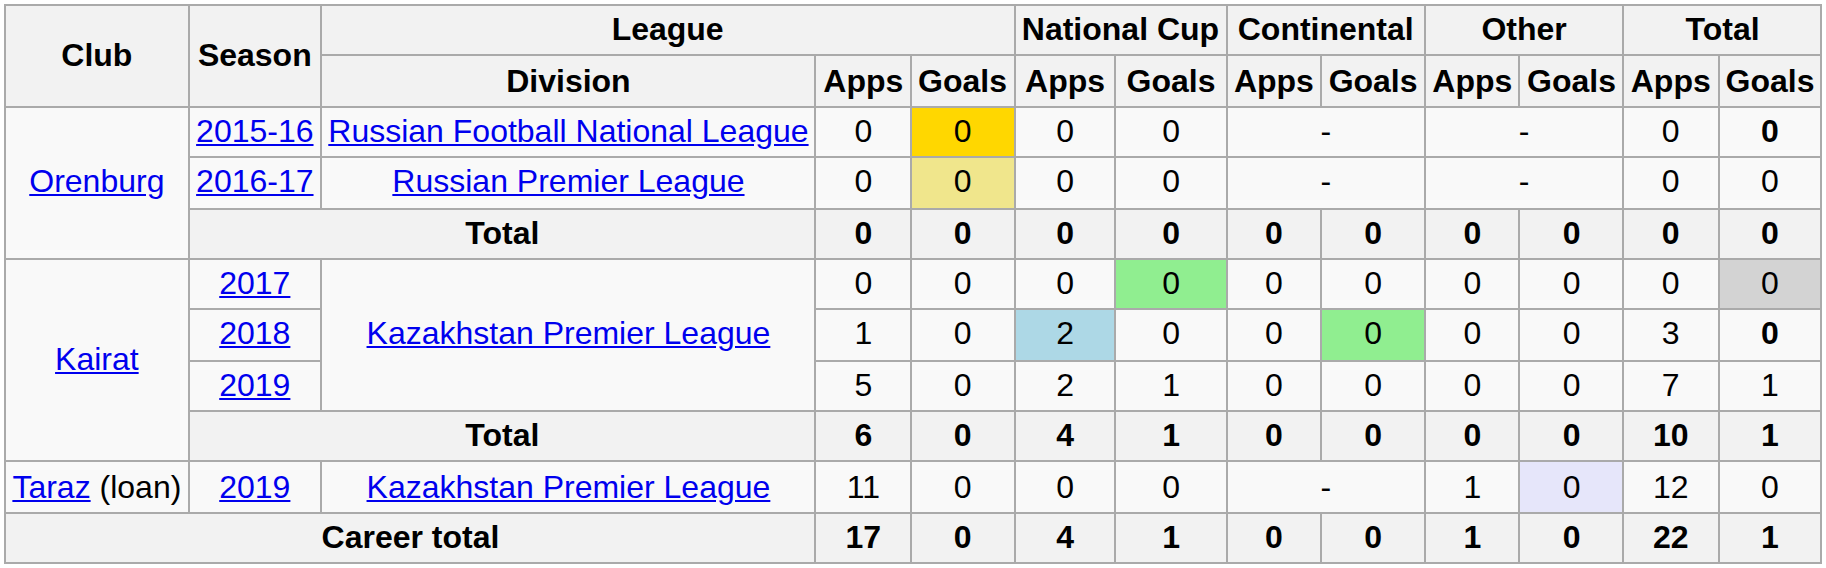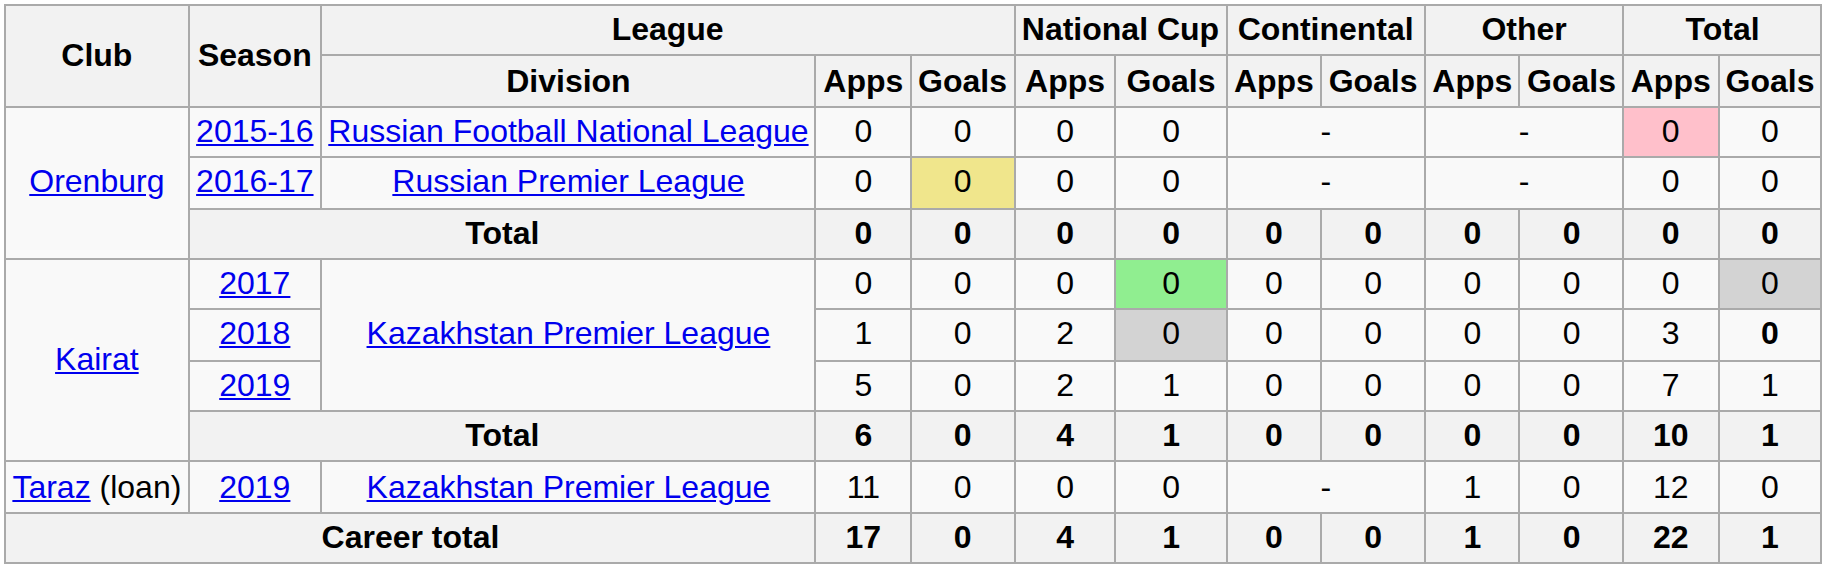 <table class="wikitable" style="text-align: center;">
 <tr>
 <th rowspan="2">Club</th>
 <th rowspan="2">Season</th>
 <th colspan="3">League</th>
 <th colspan="2">National Cup</th>
 <th colspan="2">Continental</th>
 <th colspan="2">Other</th>
 <th colspan="2">Total</th>
 </tr>
 <tr>
 <th>Division</th>
 <th>Apps</th>
 <th>Goals</th>
 <th>Apps</th>
 <th>Goals</th>
 <th>Apps</th>
 <th>Goals</th>
 <th>Apps</th>
 <th>Goals</th>
 <th>Apps</th>
 <th>Goals</th>
 </tr>
 <tr>
 <td rowspan="3" valign="center"><a href='#'>Orenburg</a></td>
 <td><a href='#'>2015-16</a></td>
 <td rowspan="1" valign="center"><a href='#'>Russian Football National League</a></td>
 <td>0</td>
-<td style="background: gold;">0</td>
+<td>0</td>
 <td>0</td>
 <td>0</td>
 <td colspan="2">-</td>
 <td colspan="2">-</td>
+<td style="background: pink;">0</td>
 <td>0</td>
-<td><strong>0</strong></td>
 </tr>
 <tr>
 <td><a href='#'>2016-17</a></td>
 <td rowspan="1" valign="center"><a href='#'>Russian Premier League</a></td>
 <td>0</td>
 <td style="background: khaki;">0</td>
 <td>0</td>
 <td>0</td>
 <td colspan="2">-</td>
 <td colspan="2">-</td>
 <td>0</td>
 <td>0</td>
 </tr>
 <tr>
 <th colspan="2">Total</th>
 <th>0</th>
 <th>0</th>
 <th>0</th>
 <th>0</th>
 <th>0</th>
 <th>0</th>
 <th>0</th>
 <th>0</th>
 <th>0</th>
 <th>0</th>
 </tr>
 <tr>
 <td rowspan="4" valign="center"><a href='#'>Kairat</a></td>
 <td><a href='#'>2017</a></td>
 <td rowspan="3" valign="center"><a href='#'>Kazakhstan Premier League</a></td>
 <td>0</td>
 <td>0</td>
 <td>0</td>
 <td style="background: lightgreen;">0</td>
 <td>0</td>
 <td>0</td>
 <td>0</td>
 <td>0</td>
 <td>0</td>
 <td style="background: lightgrey;">0</td>
 </tr>
 <tr>
 <td><a href='#'>2018</a></td>
 <td>1</td>
 <td>0</td>
-<td style="background: lightblue;">2</td>
+<td>2</td>
+<td style="background: lightgrey;">0</td>
 <td>0</td>
 <td>0</td>
-<td style="background: lightgreen;">0</td>
 <td>0</td>
 <td>0</td>
 <td>3</td>
 <td><strong>0</strong></td>
 </tr>
 <tr>
 <td><a href='#'>2019</a></td>
 <td>5</td>
 <td>0</td>
 <td>2</td>
 <td>1</td>
 <td>0</td>
 <td>0</td>
 <td>0</td>
 <td>0</td>
 <td>7</td>
 <td>1</td>
 </tr>
 <tr>
 <th colspan="2">Total</th>
 <th>6</th>
 <th>0</th>
 <th>4</th>
 <th>1</th>
 <th>0</th>
 <th>0</th>
 <th>0</th>
 <th>0</th>
 <th>10</th>
 <th>1</th>
 </tr>
 <tr>
 <td><a href='#'>Taraz</a> (loan)</td>
 <td><a href='#'>2019</a></td>
 <td><a href='#'>Kazakhstan Premier League</a></td>
 <td>11</td>
 <td>0</td>
 <td>0</td>
 <td>0</td>
 <td colspan="2">-</td>
 <td>1</td>
-<td style="background: lavender;">0</td>
+<td>0</td>
 <td>12</td>
 <td>0</td>
 </tr>
 <tr>
 <th colspan="3">Career total</th>
 <th>17</th>
 <th>0</th>
 <th>4</th>
 <th>1</th>
 <th>0</th>
 <th>0</th>
 <th>1</th>
 <th>0</th>
 <th>22</th>
 <th>1</th>
 </tr>
 </table>
